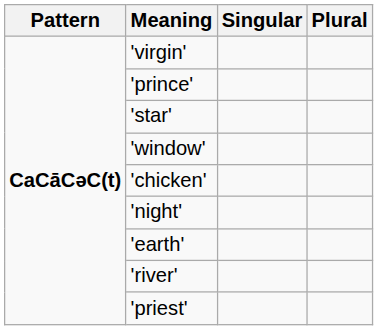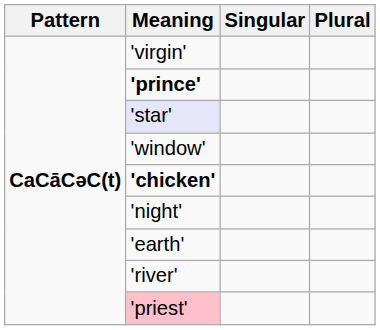 <table class="wikitable">
 <tr>
 <th>Pattern</th>
 <th>Meaning</th>
 <th>Singular</th>
 <th>Plural</th>
 </tr>
 <tr>
 <td rowspan="9"><strong>CaCāCəC(t)</strong></td>
 <td>'virgin'</td>
 <td> </td>
 <td> </td>
 </tr>
 <tr>
-<td>'prince'</td>
+<td><strong>'prince'</strong></td>
 <td> </td>
 <td> </td>
 </tr>
 <tr>
-<td>'star'</td>
+<td style="background: lavender;">'star'</td>
 <td> </td>
 <td> </td>
 </tr>
 <tr>
 <td>'window'</td>
 <td> </td>
 <td> </td>
 </tr>
 <tr>
-<td>'chicken'</td>
+<td><strong>'chicken'</strong></td>
 <td> </td>
 <td> </td>
 </tr>
 <tr>
 <td>'night'</td>
 <td> </td>
 <td> </td>
 </tr>
 <tr>
 <td>'earth'</td>
 <td> </td>
 <td> </td>
 </tr>
 <tr>
 <td>'river'</td>
 <td> </td>
 <td> </td>
 </tr>
 <tr>
-<td>'priest'</td>
+<td style="background: pink;">'priest'</td>
 <td> </td>
 <td> </td>
 </tr>
 </table>
